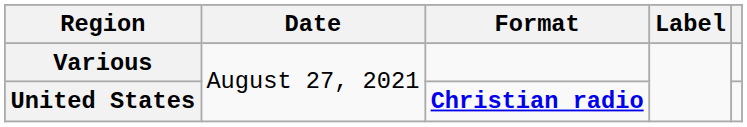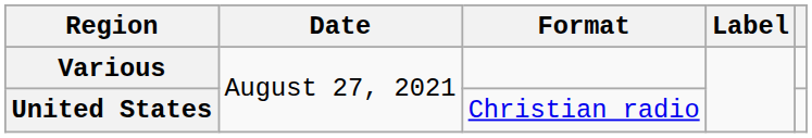 <table class="wikitable plainrowheaders">
 <tr>
 <th scope="col">Region</th>
 <th scope="col">Date</th>
 <th scope="col">Format</th>
 <th scope="col">Label</th>
 <th scope="col"></th>
 </tr>
 <tr>
 <th scope="row">Various</th>
 <td rowspan="2">August 27, 2021</td>
 <td></td>
 <td rowspan="2"></td>
 <td align="center"></td>
 </tr>
 <tr>
 <th scope="row">United States</th>
-<td><strong><a href='#'>Christian radio</a></strong></td>
+<td><a href='#'>Christian radio</a></td>
 <td align="center"></td>
 </tr>
 </table>
